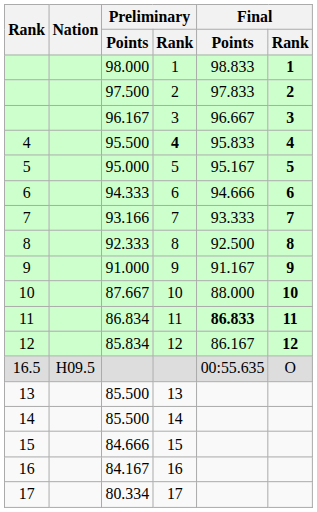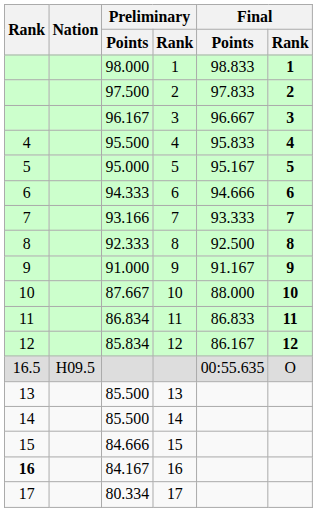 <table class="wikitable" style="text-align:center">
 <tr>
 <th rowspan="2">Rank</th>
 <th rowspan="2">Nation</th>
 <th colspan="2">Preliminary</th>
 <th colspan="2">Final</th>
 </tr>
 <tr>
 <th>Points</th>
 <th>Rank</th>
 <th>Points</th>
 <th>Rank</th>
 </tr>
 <tr bgcolor=ccffcc>
 <td></td>
 <td align=left></td>
 <td>98.000</td>
 <td>1</td>
 <td>98.833</td>
 <td><strong>1</strong></td>
 </tr>
 <tr bgcolor=ccffcc>
 <td></td>
 <td align=left></td>
 <td>97.500</td>
 <td>2</td>
 <td>97.833</td>
 <td><strong>2</strong></td>
 </tr>
 <tr bgcolor=ccffcc>
 <td></td>
 <td align=left></td>
 <td>96.167</td>
 <td>3</td>
 <td>96.667</td>
 <td><strong>3</strong></td>
 </tr>
 <tr bgcolor=ccffcc>
 <td>4</td>
 <td align=left></td>
 <td>95.500</td>
-<td><strong>4</strong></td>
+<td>4</td>
 <td>95.833</td>
 <td><strong>4</strong></td>
 </tr>
 <tr bgcolor=ccffcc>
 <td>5</td>
 <td align=left></td>
 <td>95.000</td>
 <td>5</td>
 <td>95.167</td>
 <td><strong>5</strong></td>
 </tr>
 <tr bgcolor=ccffcc>
 <td>6</td>
 <td align=left></td>
 <td>94.333</td>
 <td>6</td>
 <td>94.666</td>
 <td><strong>6</strong></td>
 </tr>
 <tr bgcolor=ccffcc>
 <td>7</td>
 <td align=left></td>
 <td>93.166</td>
 <td>7</td>
 <td>93.333</td>
 <td><strong>7</strong></td>
 </tr>
 <tr bgcolor=ccffcc>
 <td>8</td>
 <td align=left></td>
 <td>92.333</td>
 <td>8</td>
 <td>92.500</td>
 <td><strong>8</strong></td>
 </tr>
 <tr bgcolor=ccffcc>
 <td>9</td>
 <td align=left></td>
 <td>91.000</td>
 <td>9</td>
 <td>91.167</td>
 <td><strong>9</strong></td>
 </tr>
 <tr bgcolor=ccffcc>
 <td>10</td>
 <td align=left></td>
 <td>87.667</td>
 <td>10</td>
 <td>88.000</td>
 <td><strong>10</strong></td>
 </tr>
 <tr bgcolor=ccffcc>
 <td>11</td>
 <td align=left></td>
 <td>86.834</td>
 <td>11</td>
-<td><strong>86.833</strong></td>
+<td>86.833</td>
 <td><strong>11</strong></td>
 </tr>
 <tr bgcolor=ccffcc>
 <td>12</td>
 <td align=left></td>
 <td>85.834</td>
 <td>12</td>
 <td>86.167</td>
 <td><strong>12</strong></td>
 </tr>
 <tr bgcolor=#DDDDDD>
 <td><span>16.5</span></td>
 <td><span>H09.5</span></td>
 <td></td>
 <td></td>
 <td><span>00:55.635</span></td>
 <td><span>O</span></td>
 </tr>
 <tr>
 <td>13</td>
 <td align=left></td>
 <td>85.500</td>
 <td>13</td>
 <td></td>
 <td><strong> </strong></td>
 </tr>
 <tr>
 <td>14</td>
 <td align=left></td>
 <td>85.500</td>
 <td>14</td>
 <td></td>
 <td><strong> </strong></td>
 </tr>
 <tr>
 <td>15</td>
 <td align=left></td>
 <td>84.666</td>
 <td>15</td>
 <td></td>
 <td><strong> </strong></td>
 </tr>
 <tr>
-<td>16</td>
+<td><strong>16</strong></td>
 <td align=left></td>
 <td>84.167</td>
 <td>16</td>
 <td></td>
 <td><strong> </strong></td>
 </tr>
 <tr>
 <td>17</td>
 <td align=left></td>
 <td>80.334</td>
 <td>17</td>
 <td></td>
 <td><strong> </strong></td>
 </tr>
 </table>
